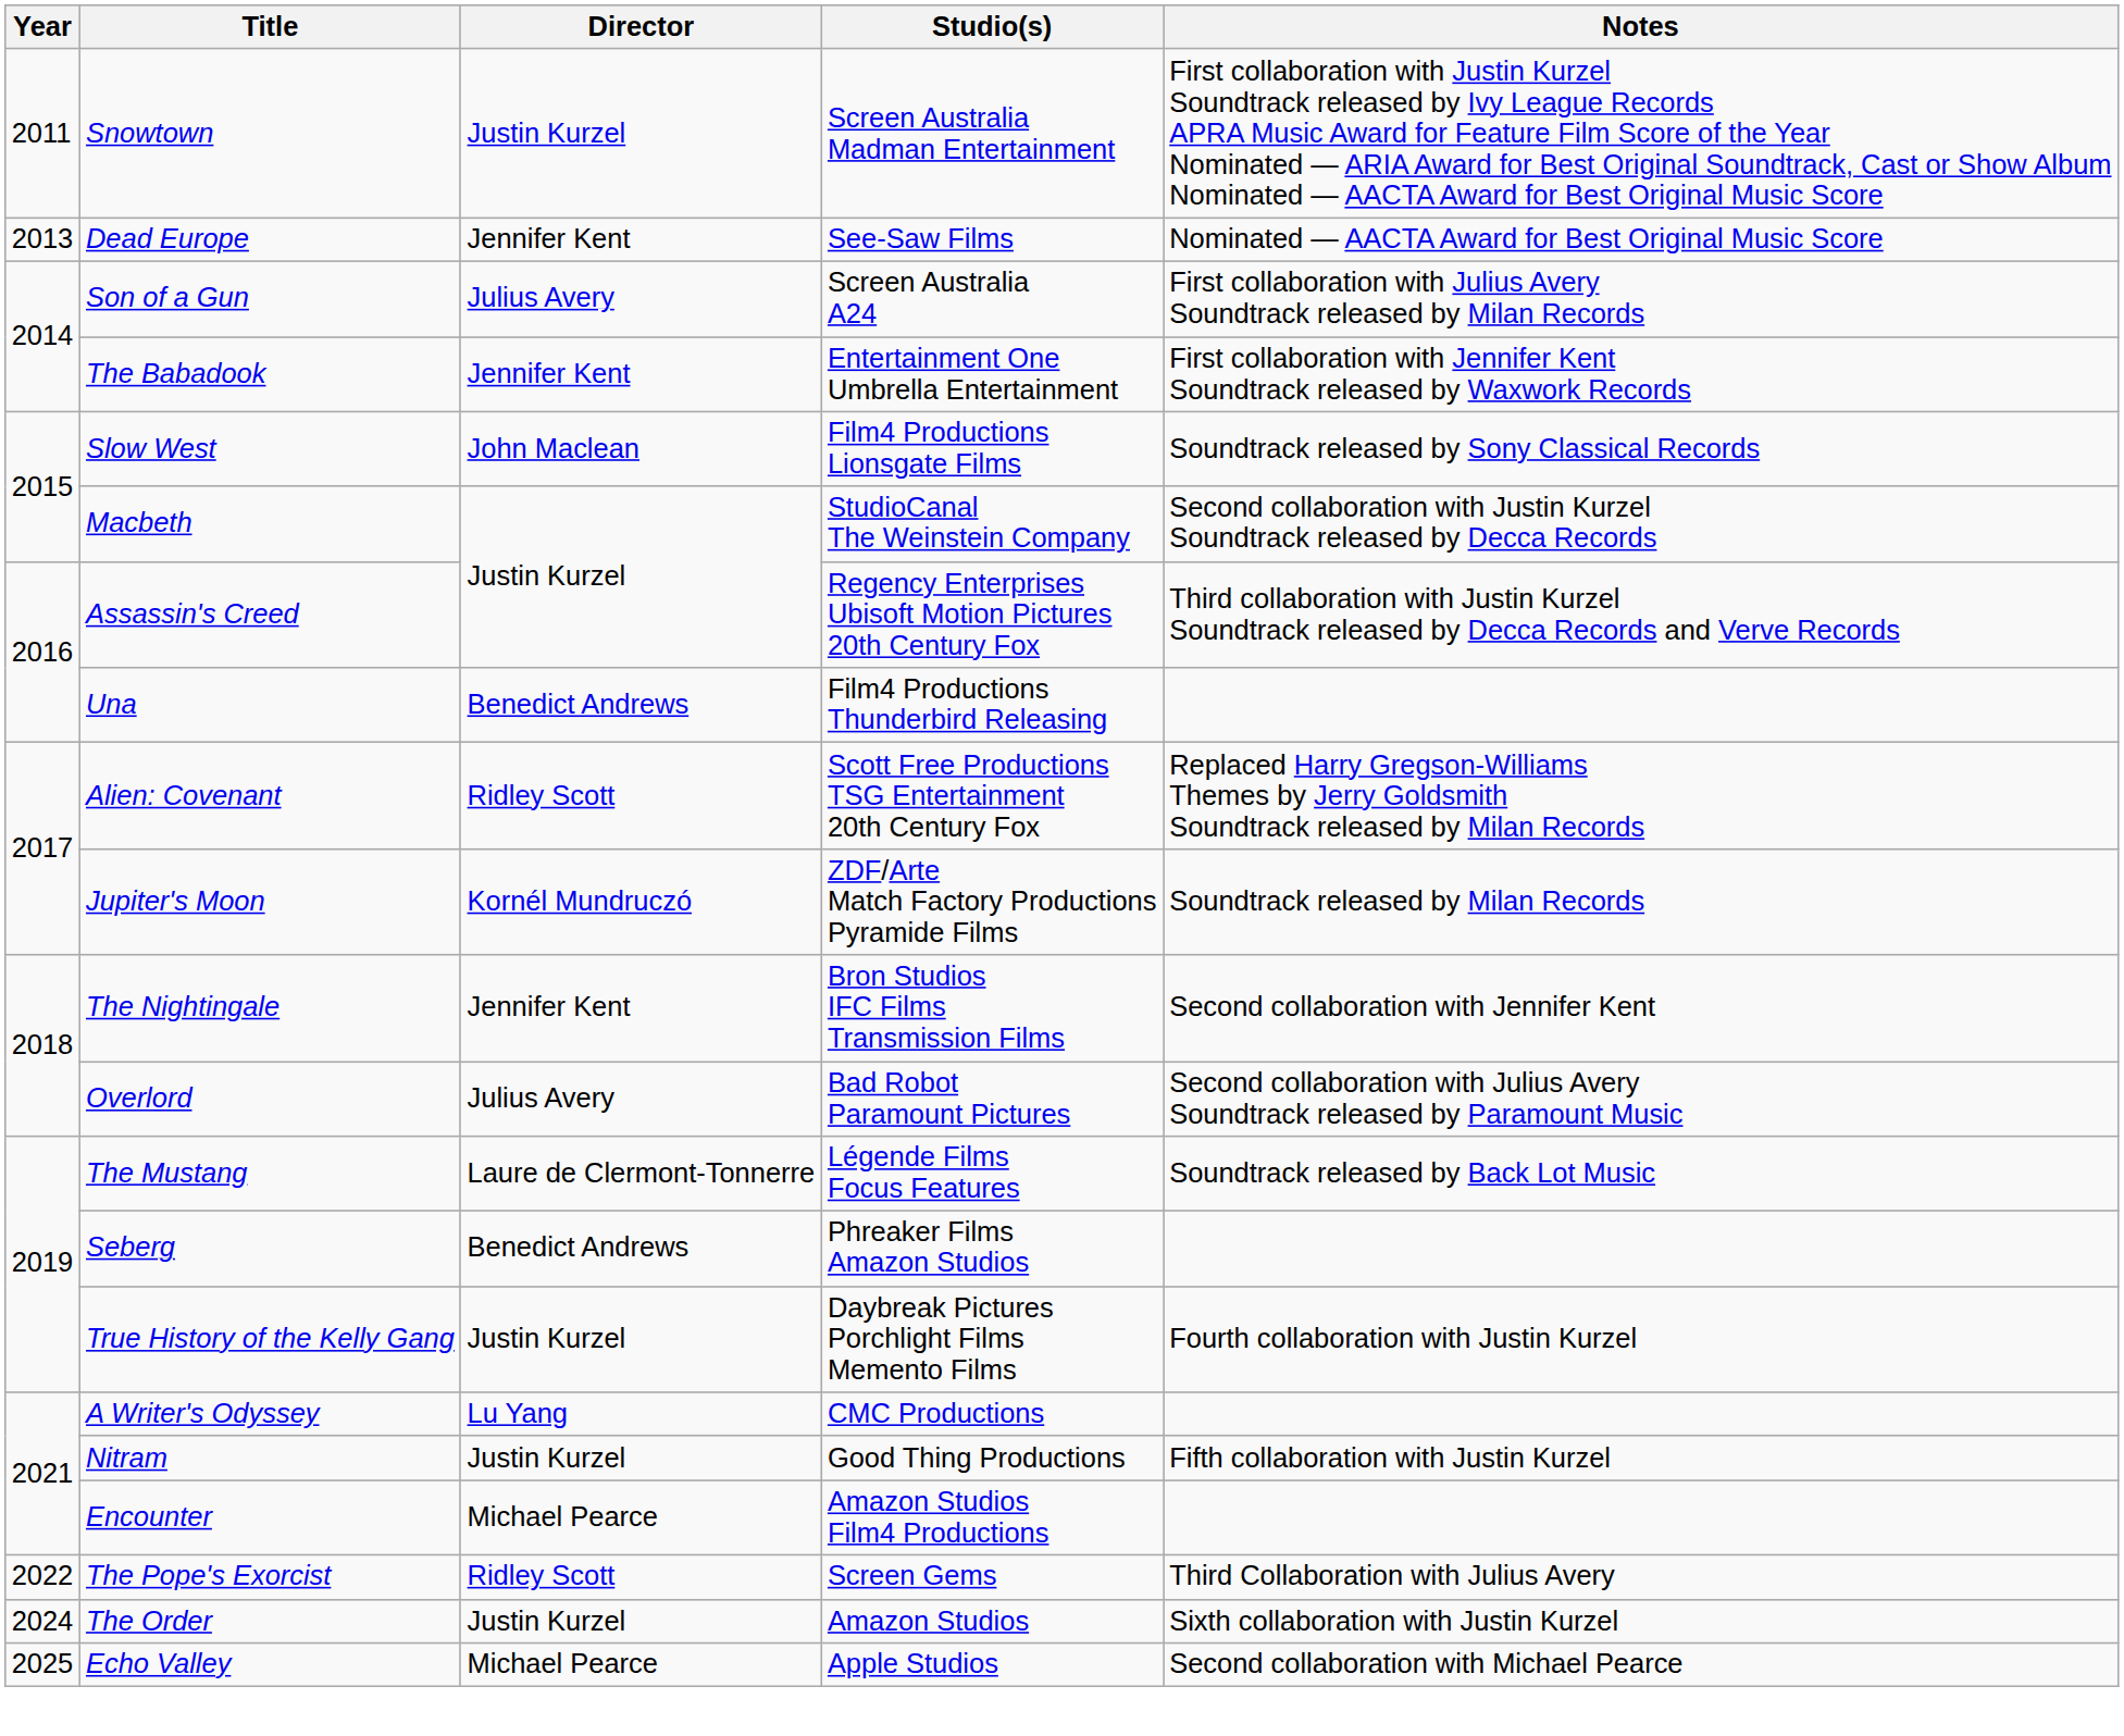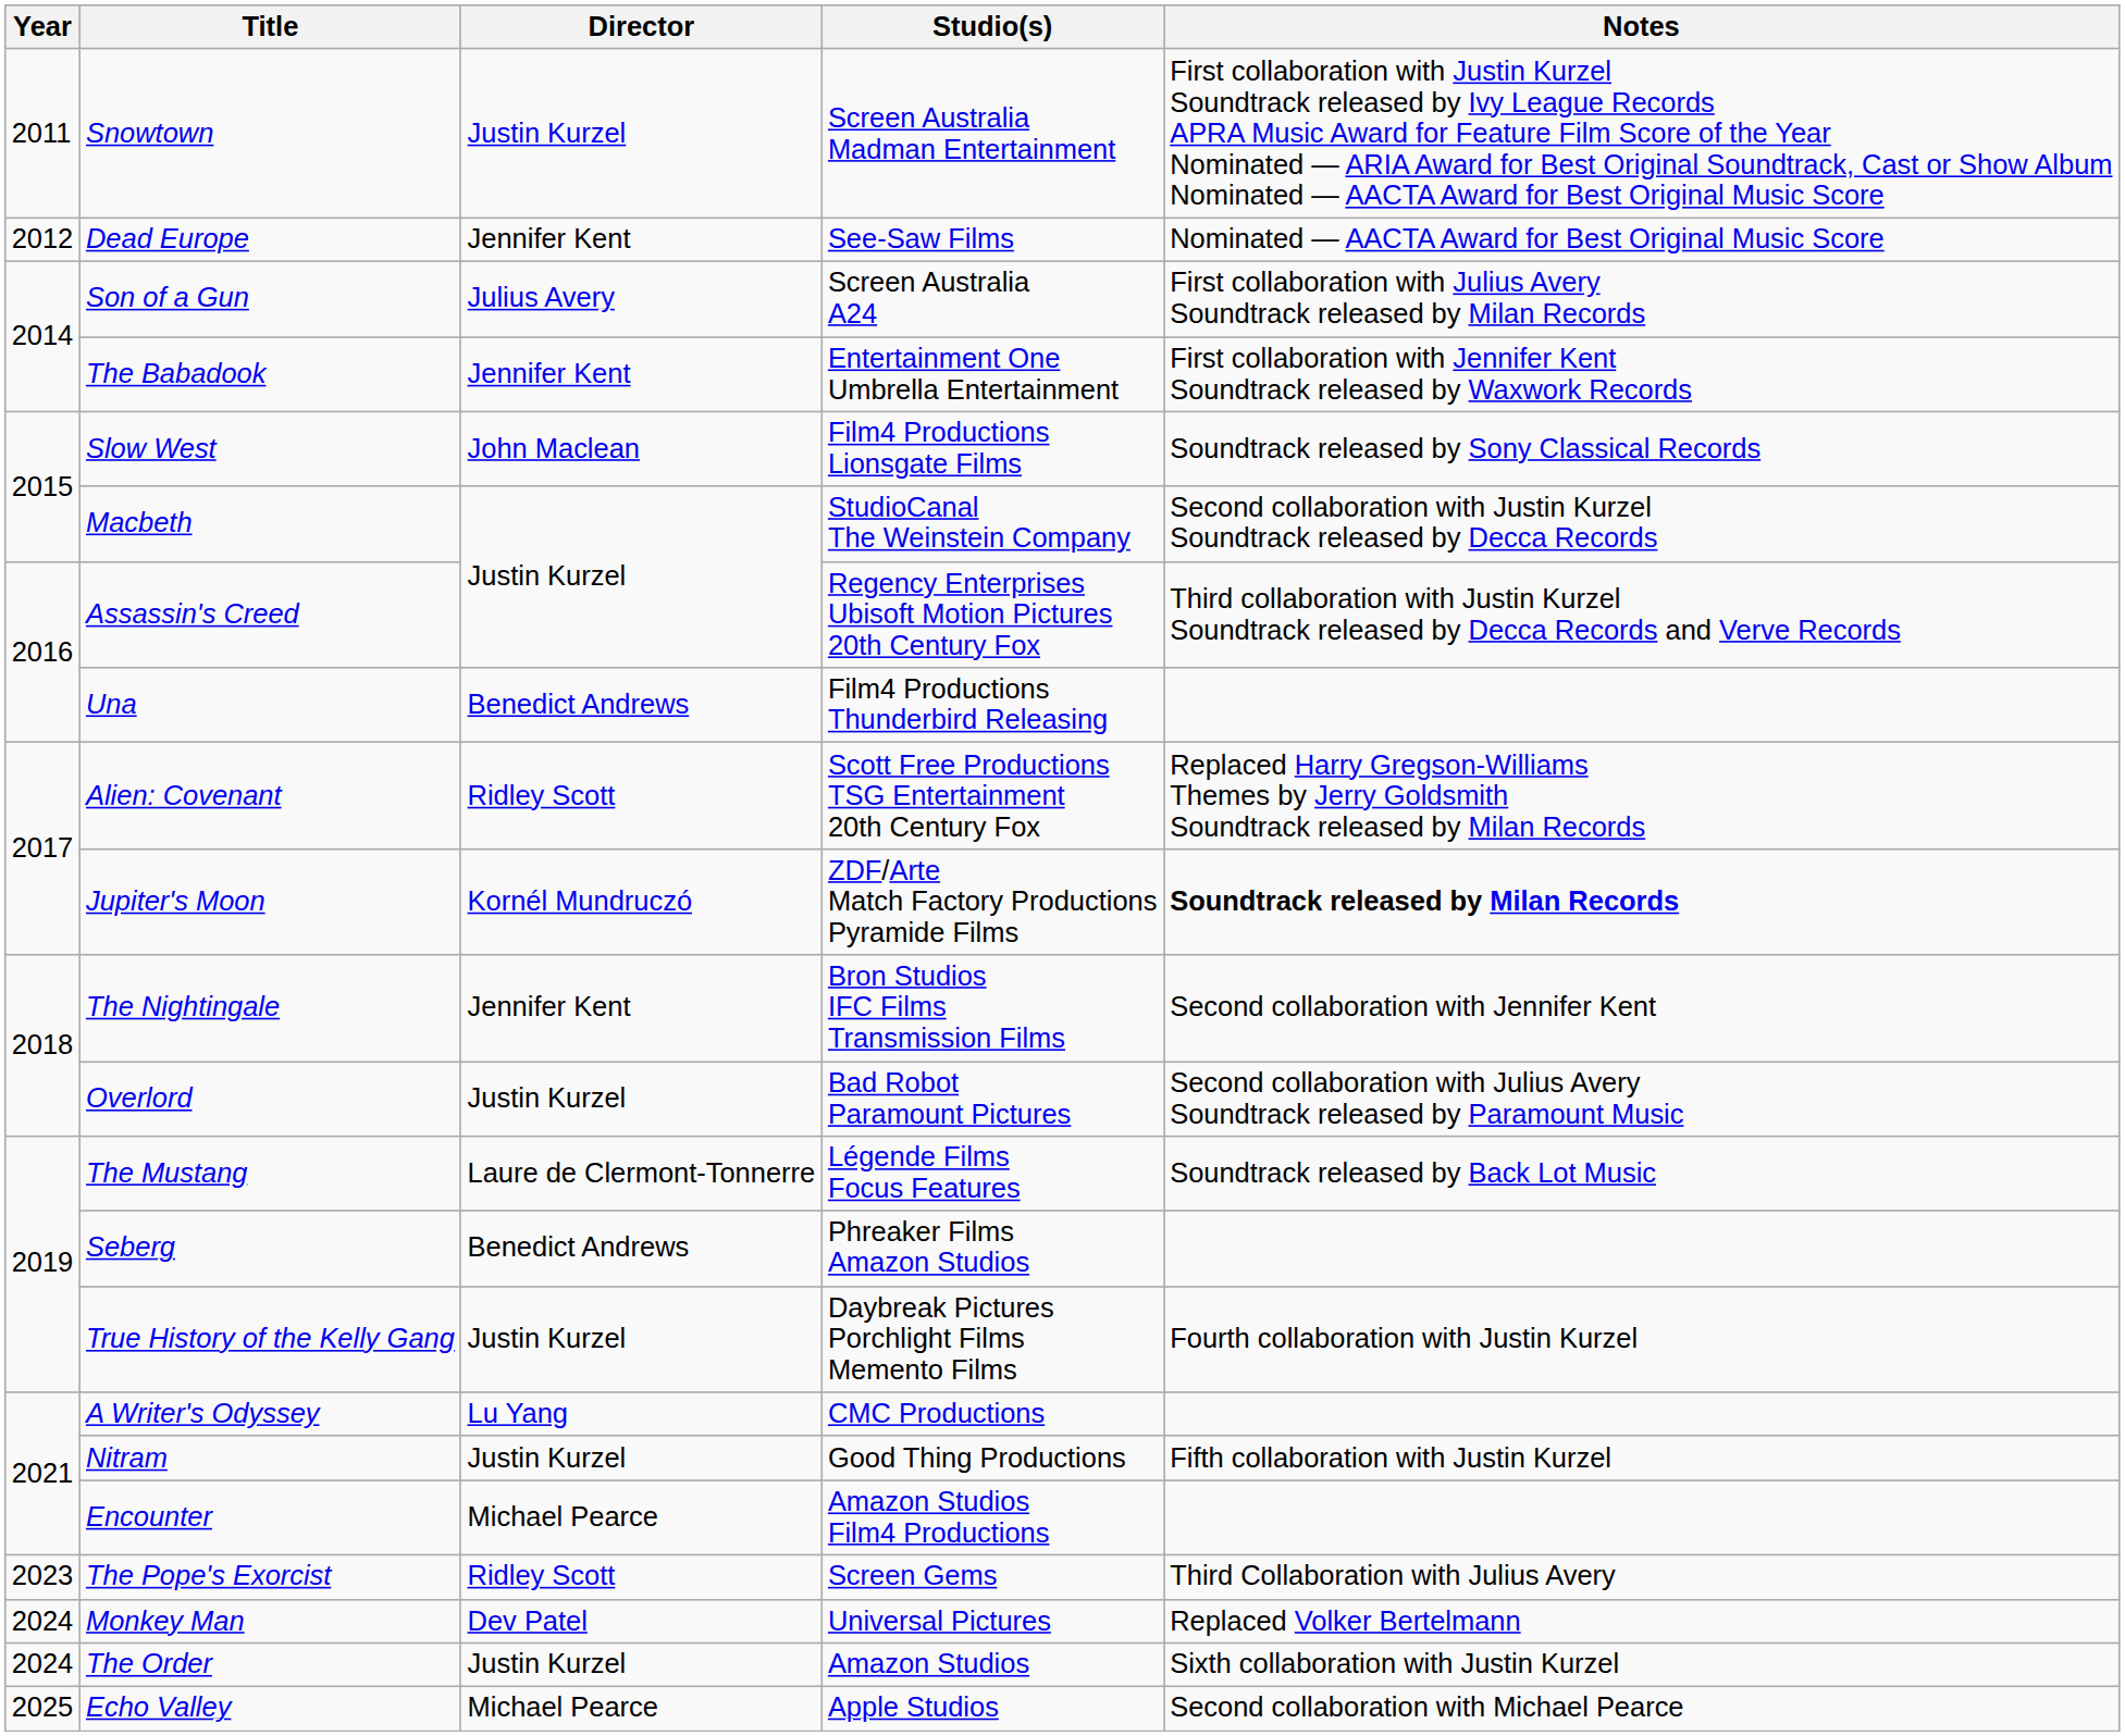 <table class="wikitable sortable">
 <tr>
 <th>Year</th>
 <th>Title</th>
 <th>Director</th>
 <th>Studio(s)</th>
 <th class="unsortable">Notes</th>
 </tr>
 <tr>
 <td>2011</td>
 <td><em><a href='#'>Snowtown</a></em></td>
 <td><a href='#'>Justin Kurzel</a></td>
 <td><a href='#'>Screen Australia</a><br><a href='#'>Madman Entertainment</a></td>
 <td>First collaboration with <a href='#'>Justin Kurzel</a><br>Soundtrack released by <a href='#'>Ivy League Records</a><br><a href='#'>APRA Music Award for Feature Film Score of the Year</a>  <br>Nominated — <a href='#'>ARIA Award for Best Original Soundtrack, Cast or Show Album</a><br>Nominated — <a href='#'>AACTA Award for Best Original Music Score</a></td>
 </tr>
 <tr>
-<td>2013</td>
+<td>2012</td>
 <td><em><a href='#'>Dead Europe</a></em></td>
 <td>Jennifer Kent</td>
 <td><a href='#'>See-Saw Films</a></td>
 <td>Nominated — <a href='#'>AACTA Award for Best Original Music Score</a></td>
 </tr>
 <tr>
 <td rowspan="2">2014</td>
 <td><em><a href='#'>Son of a Gun</a></em></td>
 <td><a href='#'>Julius Avery</a></td>
 <td>Screen Australia<br><a href='#'>A24</a></td>
 <td>First collaboration with <a href='#'>Julius Avery</a><br>Soundtrack released by <a href='#'>Milan Records</a></td>
 </tr>
 <tr>
 <td><em><a href='#'>The Babadook</a></em></td>
 <td><a href='#'>Jennifer Kent</a></td>
 <td><a href='#'>Entertainment One</a><br>Umbrella Entertainment</td>
 <td>First collaboration with <a href='#'>Jennifer Kent</a><br>Soundtrack released by <a href='#'>Waxwork Records</a></td>
 </tr>
 <tr>
 <td rowspan="2">2015</td>
 <td><em><a href='#'>Slow West</a></em></td>
 <td><a href='#'>John Maclean</a></td>
 <td><a href='#'>Film4 Productions</a><br><a href='#'>Lionsgate Films</a></td>
 <td>Soundtrack released by <a href='#'>Sony Classical Records</a></td>
 </tr>
 <tr>
 <td><em><a href='#'>Macbeth</a></em></td>
 <td rowspan="2">Justin Kurzel</td>
 <td><a href='#'>StudioCanal</a><br><a href='#'>The Weinstein Company</a></td>
 <td>Second collaboration with Justin Kurzel<br>Soundtrack released by <a href='#'>Decca Records</a></td>
 </tr>
 <tr>
 <td rowspan="2">2016</td>
 <td><em><a href='#'>Assassin's Creed</a></em></td>
 <td><a href='#'>Regency Enterprises</a><br><a href='#'>Ubisoft Motion Pictures</a><br><a href='#'>20th Century Fox</a></td>
 <td>Third collaboration with Justin Kurzel<br>Soundtrack released by <a href='#'>Decca Records</a> and <a href='#'>Verve Records</a></td>
 </tr>
 <tr>
 <td><em><a href='#'>Una</a></em></td>
 <td><a href='#'>Benedict Andrews</a></td>
 <td>Film4 Productions<br><a href='#'>Thunderbird Releasing</a></td>
 <td></td>
 </tr>
 <tr>
 <td rowspan="2">2017</td>
 <td><em><a href='#'>Alien: Covenant</a></em></td>
 <td><a href='#'>Ridley Scott</a></td>
 <td><a href='#'>Scott Free Productions</a><br><a href='#'>TSG Entertainment</a><br>20th Century Fox</td>
 <td>Replaced <a href='#'>Harry Gregson-Williams</a><br>Themes by <a href='#'>Jerry Goldsmith</a><br>Soundtrack released by <a href='#'>Milan Records</a></td>
 </tr>
 <tr>
 <td><em><a href='#'>Jupiter's Moon</a></em></td>
 <td><a href='#'>Kornél Mundruczó</a></td>
 <td><a href='#'>ZDF</a>/<a href='#'>Arte</a><br>Match Factory Productions<br>Pyramide Films</td>
-<td>Soundtrack released by <a href='#'>Milan Records</a></td>
+<td><strong>Soundtrack released by <a href='#'>Milan Records</a></strong></td>
 </tr>
 <tr>
 <td rowspan="2">2018</td>
 <td><em><a href='#'>The Nightingale</a></em></td>
 <td>Jennifer Kent</td>
 <td><a href='#'>Bron Studios</a><br><a href='#'>IFC Films</a><br><a href='#'>Transmission Films</a></td>
 <td>Second collaboration with Jennifer Kent</td>
 </tr>
 <tr>
 <td><em><a href='#'>Overlord</a></em></td>
-<td>Julius Avery</td>
+<td>Justin Kurzel</td>
 <td><a href='#'>Bad Robot</a><br><a href='#'>Paramount Pictures</a></td>
 <td>Second collaboration with Julius Avery<br>Soundtrack released by <a href='#'>Paramount Music</a></td>
 </tr>
 <tr>
 <td rowspan="3">2019</td>
 <td><em><a href='#'>The Mustang</a></em></td>
 <td>Laure de Clermont-Tonnerre</td>
 <td><a href='#'>Légende Films</a><br><a href='#'>Focus Features</a></td>
 <td>Soundtrack released by <a href='#'>Back Lot Music</a></td>
 </tr>
 <tr>
 <td><em><a href='#'>Seberg</a></em></td>
 <td>Benedict Andrews</td>
 <td>Phreaker Films<br><a href='#'>Amazon Studios</a></td>
 <td></td>
 </tr>
 <tr>
 <td><em><a href='#'>True History of the Kelly Gang</a></em></td>
 <td>Justin Kurzel</td>
 <td>Daybreak Pictures<br>Porchlight Films<br>Memento Films</td>
 <td>Fourth collaboration with Justin Kurzel</td>
 </tr>
 <tr>
 <td rowspan="3">2021</td>
 <td><em><a href='#'>A Writer's Odyssey</a></em></td>
 <td><a href='#'>Lu Yang</a></td>
 <td><a href='#'>CMC Productions</a></td>
 <td></td>
 </tr>
 <tr>
 <td><em><a href='#'>Nitram</a></em></td>
 <td>Justin Kurzel</td>
 <td>Good Thing Productions</td>
 <td>Fifth collaboration with Justin Kurzel</td>
 </tr>
 <tr>
 <td><em><a href='#'>Encounter</a></em></td>
 <td>Michael Pearce</td>
 <td><a href='#'>Amazon Studios</a><br><a href='#'>Film4 Productions</a></td>
 <td></td>
 </tr>
 <tr>
-<td>2022</td>
+<td>2023</td>
 <td><em><a href='#'>The Pope's Exorcist</a></em></td>
 <td><a href='#'>Ridley Scott</a></td>
 <td><a href='#'>Screen Gems</a></td>
 <td>Third Collaboration with Julius Avery</td>
+</tr>
+<tr>
+<td>2024</td>
+<td><em><a href='#'>Monkey Man</a></em></td>
+<td><a href='#'>Dev Patel</a></td>
+<td><a href='#'>Universal Pictures</a></td>
+<td>Replaced <a href='#'>Volker Bertelmann</a></td>
 </tr>
 <tr>
 <td>2024</td>
 <td><em><a href='#'>The Order</a></em></td>
 <td>Justin Kurzel</td>
 <td><a href='#'>Amazon Studios</a></td>
 <td>Sixth collaboration with Justin Kurzel</td>
 </tr>
 <tr>
 <td>2025</td>
 <td><em><a href='#'>Echo Valley</a></em></td>
 <td>Michael Pearce</td>
 <td><a href='#'>Apple Studios</a></td>
 <td>Second collaboration with Michael Pearce</td>
 </tr>
 </table>
